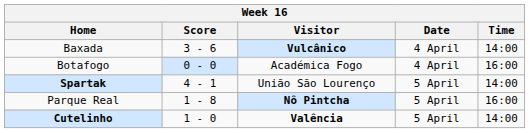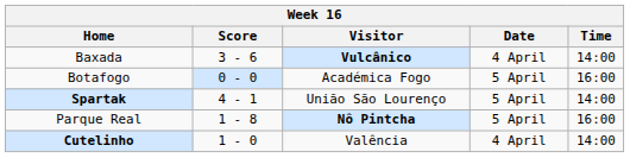 <table class="wikitable" style="margin:1em auto; font-size:95%; text-align: center; width: 95%;">
 <tr>
 <th colspan="12"  style="with:100%;">Week 16</th>
 </tr>
 <tr>
 <th style="width:200px;">Home</th>
 <th width="90">Score</th>
 <th style="width:200px;">Visitor</th>
 <th style="width:100px;">Date</th>
 <th style="width:50px;">Time</th>
 </tr>
 <tr>
 <td>Baxada</td>
 <td>3 - 6</td>
 <td bgcolor=#D0E7FF><strong>Vulcânico</strong></td>
 <td>4 April</td>
 <td>14:00</td>
 </tr>
 <tr>
 <td>Botafogo</td>
 <td bgcolor=#D0E7FF>0 - 0</td>
 <td>Académica Fogo</td>
-<td>4 April</td>
+<td>5 April</td>
 <td>16:00</td>
 </tr>
 <tr>
 <td bgcolor=#D0E7FF><strong>Spartak</strong></td>
 <td>4 - 1</td>
 <td>União São Lourenço</td>
 <td>5 April</td>
 <td>14:00</td>
 </tr>
 <tr>
 <td>Parque Real</td>
 <td>1 - 8</td>
 <td bgcolor=#D0E7FF><strong>Nô Pintcha</strong></td>
 <td>5 April</td>
 <td>16:00</td>
 </tr>
 <tr>
 <td bgcolor=#D0E7FF><strong>Cutelinho</strong></td>
 <td>1 - 0</td>
-<td><strong>Valência</strong></td>
-<td>5 April</td>
+<td>Valência</td>
+<td>4 April</td>
 <td>14:00</td>
 </tr>
 </table>
